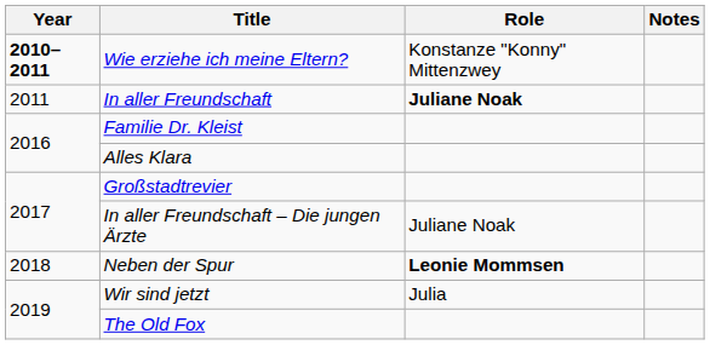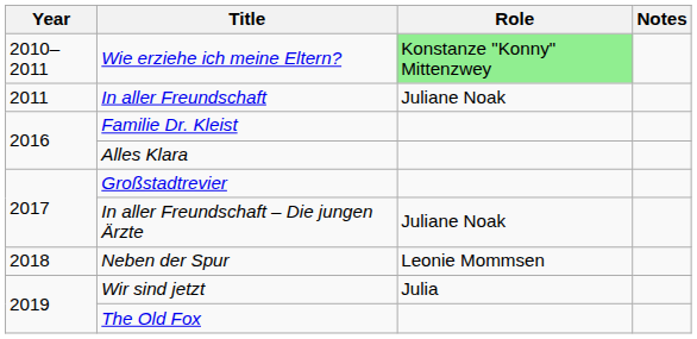 <table class="wikitable sortable">
 <tr>
 <th>Year</th>
 <th>Title</th>
 <th>Role</th>
 <th class="unsortable">Notes</th>
 </tr>
 <tr>
-<td><strong>2010–2011</strong></td>
+<td>2010–2011</td>
 <td><em><a href='#'>Wie erziehe ich meine Eltern?</a></em></td>
-<td>Konstanze "Konny" Mittenzwey</td>
+<td style="background: lightgreen;">Konstanze "Konny" Mittenzwey</td>
 <td></td>
 </tr>
 <tr>
 <td>2011</td>
 <td><em><a href='#'>In aller Freundschaft</a></em></td>
-<td><strong>Juliane Noak</strong></td>
+<td>Juliane Noak</td>
 <td></td>
 </tr>
 <tr>
 <td rowspan=2>2016</td>
 <td><em><a href='#'>Familie Dr. Kleist</a></em></td>
 <td></td>
 <td></td>
 </tr>
 <tr>
 <td><em>Alles Klara</em></td>
 <td></td>
 <td></td>
 </tr>
 <tr>
 <td rowspan=2>2017</td>
 <td><em><a href='#'>Großstadtrevier</a></em></td>
 <td></td>
 <td></td>
 </tr>
 <tr>
 <td><em>In aller Freundschaft – Die jungen Ärzte</em></td>
 <td>Juliane Noak</td>
 <td></td>
 </tr>
 <tr>
 <td>2018</td>
 <td><em>Neben der Spur</em></td>
-<td><strong>Leonie Mommsen</strong></td>
+<td>Leonie Mommsen</td>
 <td></td>
 </tr>
 <tr>
 <td rowspan=2>2019</td>
 <td><em>Wir sind jetzt</em></td>
 <td>Julia</td>
 <td></td>
 </tr>
 <tr>
 <td><em><a href='#'>The Old Fox</a></em></td>
 <td></td>
 <td></td>
 </tr>
 </table>
